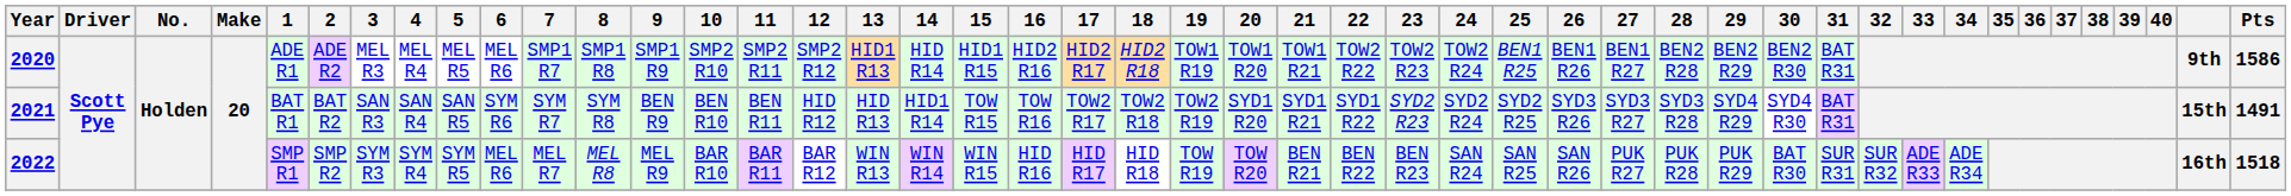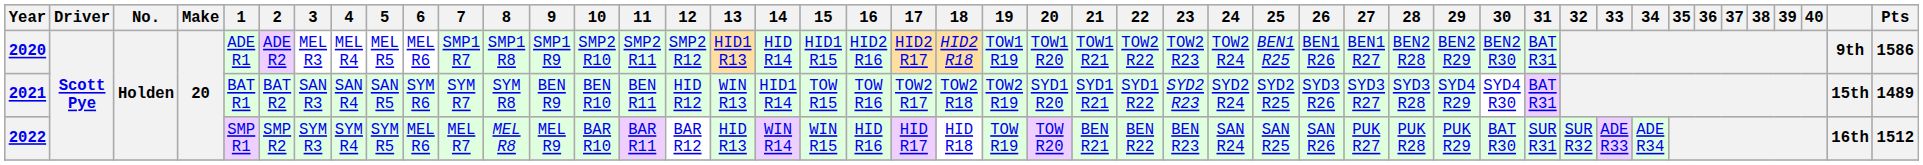 <table class="wikitable mw-collapsible mw-collapsed" style="text-align:center; font-size:75%">
 <tr>
 <th>Year</th>
 <th>Driver</th>
 <th>No.</th>
 <th>Make</th>
 <th>1</th>
 <th>2</th>
 <th>3</th>
 <th>4</th>
 <th>5</th>
 <th>6</th>
 <th>7</th>
 <th>8</th>
 <th>9</th>
 <th>10</th>
 <th>11</th>
 <th>12</th>
 <th>13</th>
 <th>14</th>
 <th>15</th>
 <th>16</th>
 <th>17</th>
 <th>18</th>
 <th>19</th>
 <th>20</th>
 <th>21</th>
 <th>22</th>
 <th>23</th>
 <th>24</th>
 <th>25</th>
 <th>26</th>
 <th>27</th>
 <th>28</th>
 <th>29</th>
 <th>30</th>
 <th>31</th>
 <th>32</th>
 <th>33</th>
 <th>34</th>
 <th>35</th>
 <th>36</th>
 <th>37</th>
 <th>38</th>
 <th>39</th>
 <th>40</th>
 <th></th>
 <th>Pts</th>
 </tr>
 <tr>
 <th><a href='#'>2020</a></th>
 <th rowspan=3><a href='#'>Scott Pye</a></th>
 <th rowspan=3>Holden</th>
 <th rowspan=3>20</th>
 <td style="background: #dfffdf"><a href='#'>ADE<br>R1</a><br></td>
 <td style="background: #efcfff"><a href='#'>ADE<br>R2</a><br></td>
 <td style="background: #ffffff"><a href='#'>MEL<br>R3</a><br></td>
 <td style="background: #ffffff"><a href='#'>MEL<br>R4</a><br></td>
 <td style="background: #ffffff"><a href='#'>MEL<br>R5</a><br></td>
 <td style="background: #ffffff"><a href='#'>MEL<br>R6</a><br></td>
 <td style="background: #dfffdf"><a href='#'>SMP1<br>R7</a><br></td>
 <td style="background: #dfffdf"><a href='#'>SMP1<br>R8</a><br></td>
 <td style="background: #dfffdf"><a href='#'>SMP1<br>R9</a><br></td>
 <td style="background: #dfffdf"><a href='#'>SMP2<br>R10</a><br></td>
 <td style="background: #dfffdf"><a href='#'>SMP2<br>R11</a><br></td>
 <td style="background: #dfffdf"><a href='#'>SMP2<br>R12</a><br></td>
 <td style="background: #ffdf9f"><a href='#'>HID1<br>R13</a><br></td>
 <td style="background: #dfffdf"><a href='#'>HID<br>R14</a><br></td>
 <td style="background: #dfffdf"><a href='#'>HID1<br>R15</a><br></td>
 <td style="background: #dfffdf"><a href='#'>HID2<br>R16</a><br></td>
 <td style="background: #ffdf9f"><a href='#'>HID2<br>R17</a><br></td>
 <td style="background: #ffdf9f"><em><a href='#'>HID2<br>R18</a><br></em></td>
 <td style="background: #dfffdf"><a href='#'>TOW1<br>R19</a><br></td>
 <td style="background: #dfffdf"><a href='#'>TOW1<br>R20</a><br></td>
 <td style="background: #dfffdf"><a href='#'>TOW1<br>R21</a><br></td>
 <td style="background: #dfffdf"><a href='#'>TOW2<br>R22</a><br></td>
 <td style="background: #dfffdf"><a href='#'>TOW2<br>R23</a><br></td>
 <td style="background: #dfffdf"><a href='#'>TOW2<br>R24</a><br></td>
 <td style="background: #dfffdf"><em><a href='#'>BEN1<br>R25</a><br></em></td>
 <td style="background: #dfffdf"><a href='#'>BEN1<br>R26</a><br></td>
 <td style="background: #dfffdf"><a href='#'>BEN1<br>R27</a><br></td>
 <td style="background: #dfffdf"><a href='#'>BEN2<br>R28</a><br></td>
 <td style="background: #dfffdf"><a href='#'>BEN2<br>R29</a><br></td>
 <td style="background: #dfffdf"><a href='#'>BEN2<br>R30</a><br></td>
 <td style="background: #dfffdf"><a href='#'>BAT<br>R31</a><br></td>
 <th colspan=9></th>
 <th>9th</th>
 <th>1586</th>
 </tr>
 <tr>
 <th><a href='#'>2021</a></th>
 <td style="background: #dfffdf"><a href='#'>BAT<br>R1</a><br></td>
 <td style="background: #dfffdf"><a href='#'>BAT<br>R2</a><br></td>
 <td style="background: #dfffdf"><a href='#'>SAN<br>R3</a><br></td>
 <td style="background: #dfffdf"><a href='#'>SAN<br>R4</a><br></td>
 <td style="background: #dfffdf"><a href='#'>SAN<br>R5</a><br></td>
 <td style="background: #dfffdf"><a href='#'>SYM<br>R6</a><br></td>
 <td style="background: #dfffdf"><a href='#'>SYM<br>R7</a><br></td>
 <td style="background: #dfffdf"><a href='#'>SYM<br>R8</a><br></td>
 <td style="background: #dfffdf"><a href='#'>BEN<br>R9</a><br></td>
 <td style="background: #dfffdf"><a href='#'>BEN<br>R10</a><br></td>
 <td style="background: #dfffdf"><a href='#'>BEN<br>R11</a><br></td>
 <td style="background: #dfffdf"><a href='#'>HID<br>R12</a><br></td>
-<td style="background: #dfffdf"><a href='#'>HID<br>R13</a><br></td>
+<td style="background: #dfffdf"><a href='#'>WIN<br>R13</a><br></td>
 <td style="background: #dfffdf"><a href='#'>HID1<br>R14</a><br></td>
 <td style="background: #dfffdf"><a href='#'>TOW<br>R15</a><br></td>
 <td style="background: #dfffdf"><a href='#'>TOW<br>R16</a><br></td>
 <td style="background: #dfffdf"><a href='#'>TOW2<br>R17</a><br></td>
 <td style="background: #dfffdf"><a href='#'>TOW2<br>R18</a><br></td>
 <td style="background: #dfffdf"><a href='#'>TOW2<br>R19</a><br></td>
 <td style="background: #dfffdf"><a href='#'>SYD1<br>R20</a><br></td>
 <td style="background: #dfffdf"><a href='#'>SYD1<br>R21</a><br></td>
 <td style="background: #dfffdf"><a href='#'>SYD1<br>R22</a><br></td>
 <td style="background: #dfffdf"><em><a href='#'>SYD2<br>R23</a><br></em></td>
 <td style="background: #dfffdf"><a href='#'>SYD2<br>R24</a><br></td>
 <td style="background: #dfffdf"><a href='#'>SYD2<br>R25</a><br></td>
 <td style="background: #dfffdf"><a href='#'>SYD3<br>R26</a><br></td>
 <td style="background: #dfffdf"><a href='#'>SYD3<br>R27</a><br></td>
 <td style="background: #dfffdf"><a href='#'>SYD3<br>R28</a><br></td>
 <td style="background: #dfffdf"><a href='#'>SYD4<br>R29</a><br></td>
 <td style="background: #ffffff"><a href='#'>SYD4<br>R30</a><br></td>
 <td style="background: #efcfff"><a href='#'>BAT<br>R31</a><br></td>
 <th colspan=9></th>
 <th>15th</th>
-<th>1491</th>
+<th>1489</th>
 </tr>
 <tr>
 <th><a href='#'>2022</a></th>
 <td style="background: #efcfff"><a href='#'>SMP<br>R1</a><br></td>
 <td style="background: #dfffdf"><a href='#'>SMP<br>R2</a><br></td>
 <td style="background: #dfffdf"><a href='#'>SYM<br>R3</a><br></td>
 <td style="background: #dfffdf"><a href='#'>SYM<br>R4</a><br></td>
 <td style="background: #dfffdf"><a href='#'>SYM<br>R5</a><br></td>
 <td style="background: #dfffdf"><a href='#'>MEL<br>R6</a><br></td>
 <td style="background: #dfffdf"><a href='#'>MEL<br>R7</a><br></td>
 <td style="background: #dfffdf"><em><a href='#'>MEL<br>R8</a> <br></em></td>
 <td style="background: #dfffdf"><a href='#'>MEL<br>R9</a><br></td>
 <td style="background: #dfffdf"><a href='#'>BAR<br>R10</a><br></td>
 <td style="background: #efcfff"><a href='#'>BAR<br>R11</a><br></td>
 <td style="background: #ffffff"><a href='#'>BAR<br>R12</a><br></td>
-<td style="background: #dfffdf"><a href='#'>WIN<br>R13</a><br></td>
+<td style="background: #dfffdf"><a href='#'>HID<br>R13</a><br></td>
 <td style="background: #efcfff"><a href='#'>WIN<br>R14</a><br></td>
 <td style="background: #dfffdf"><a href='#'>WIN<br>R15</a><br></td>
 <td style="background: #dfffdf"><a href='#'>HID<br>R16</a><br></td>
 <td style="background: #efcfff"><a href='#'>HID<br>R17</a><br></td>
 <td style="background: #ffffff"><a href='#'>HID<br>R18</a><br></td>
 <td style="background: #dfffdf"><a href='#'>TOW<br>R19</a><br></td>
 <td style="background: #efcfff"><a href='#'>TOW<br>R20</a><br></td>
 <td style="background: #dfffdf"><a href='#'>BEN<br>R21</a><br></td>
 <td style="background: #dfffdf"><a href='#'>BEN<br>R22</a><br></td>
 <td style="background: #dfffdf"><a href='#'>BEN<br>R23</a><br></td>
 <td style="background: #dfffdf"><a href='#'>SAN<br>R24</a><br></td>
 <td style="background: #dfffdf"><a href='#'>SAN<br>R25</a><br></td>
 <td style="background: #dfffdf"><a href='#'>SAN<br>R26</a><br></td>
 <td style="background: #dfffdf"><a href='#'>PUK<br>R27</a><br></td>
 <td style="background: #dfffdf"><a href='#'>PUK<br>R28</a><br></td>
 <td style="background: #dfffdf"><a href='#'>PUK<br>R29</a><br></td>
 <td style="background: #dfffdf"><a href='#'>BAT<br>R30</a><br></td>
 <td style="background: #dfffdf"><a href='#'>SUR<br>R31</a><br></td>
 <td style="background: #dfffdf"><a href='#'>SUR<br>R32</a><br></td>
 <td style="background: #efcfff"><a href='#'>ADE<br>R33</a><br></td>
 <td style="background: #dfffdf"><a href='#'>ADE<br>R34</a><br></td>
 <th colspan=6></th>
 <th>16th</th>
-<th>1518</th>
+<th>1512</th>
 </tr>
 </table>
